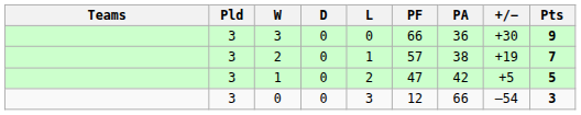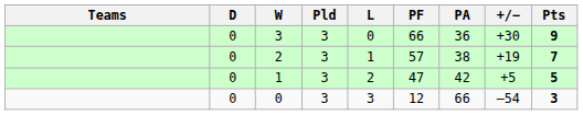 <table class="wikitable" style="text-align: center;">
 <tr>
 <th width="200">Teams</th>
+<th width="40">D</th>
+<th width="40">W</th>
 <th width="40">Pld</th>
-<th width="40">W</th>
-<th width="40">D</th>
 <th width="40">L</th>
 <th width="40">PF</th>
 <th width="40">PA</th>
 <th width="40">+/−</th>
 <th width="40">Pts</th>
 </tr>
 <tr bgcolor=ccffcc>
 <td align=left></td>
+<td>0</td>
 <td>3</td>
 <td>3</td>
-<td>0</td>
 <td>0</td>
 <td>66</td>
 <td>36</td>
 <td>+30</td>
 <td><strong>9</strong></td>
 </tr>
 <tr bgcolor=ccffcc>
 <td align=left></td>
+<td>0</td>
+<td>2</td>
 <td>3</td>
-<td>2</td>
-<td>0</td>
 <td>1</td>
 <td>57</td>
 <td>38</td>
 <td>+19</td>
 <td><strong>7</strong></td>
 </tr>
 <tr bgcolor=ccffcc>
 <td align=left></td>
+<td>0</td>
+<td>1</td>
 <td>3</td>
-<td>1</td>
-<td>0</td>
 <td>2</td>
 <td>47</td>
 <td>42</td>
 <td>+5</td>
 <td><strong>5</strong></td>
 </tr>
 <tr>
 <td align=left></td>
-<td>3</td>
 <td>0</td>
 <td>0</td>
+<td>3</td>
 <td>3</td>
 <td>12</td>
 <td>66</td>
 <td>–54</td>
 <td><strong>3</strong></td>
 </tr>
 </table>
